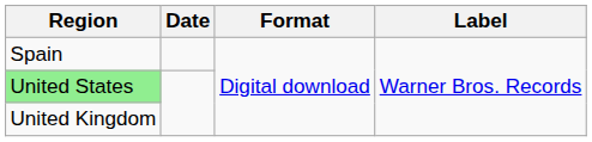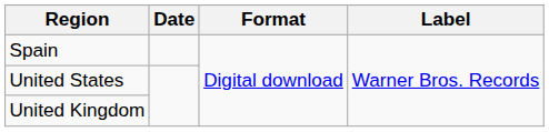 <table class="wikitable">
 <tr>
 <th>Region</th>
 <th>Date</th>
 <th>Format</th>
 <th>Label</th>
 </tr>
 <tr>
 <td>Spain</td>
 <td></td>
 <td rowspan="3"><a href='#'>Digital download</a></td>
 <td rowspan="3"><a href='#'>Warner Bros. Records</a></td>
 </tr>
 <tr>
-<td style="background: lightgreen;">United States</td>
+<td>United States</td>
 <td rowspan="2"></td>
 </tr>
 <tr>
 <td>United Kingdom</td>
 </tr>
 </table>
